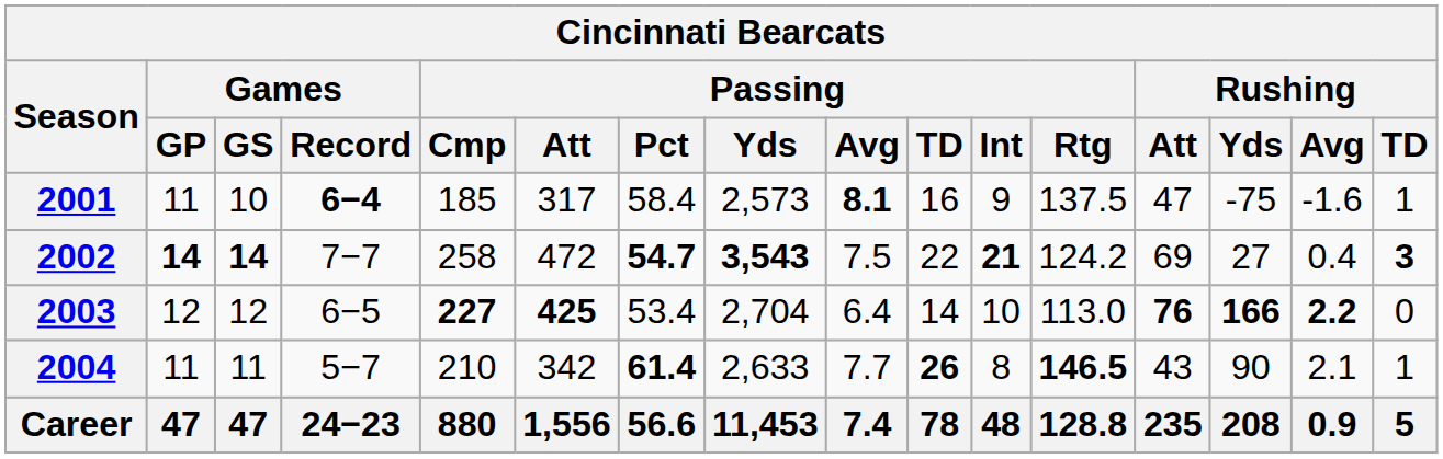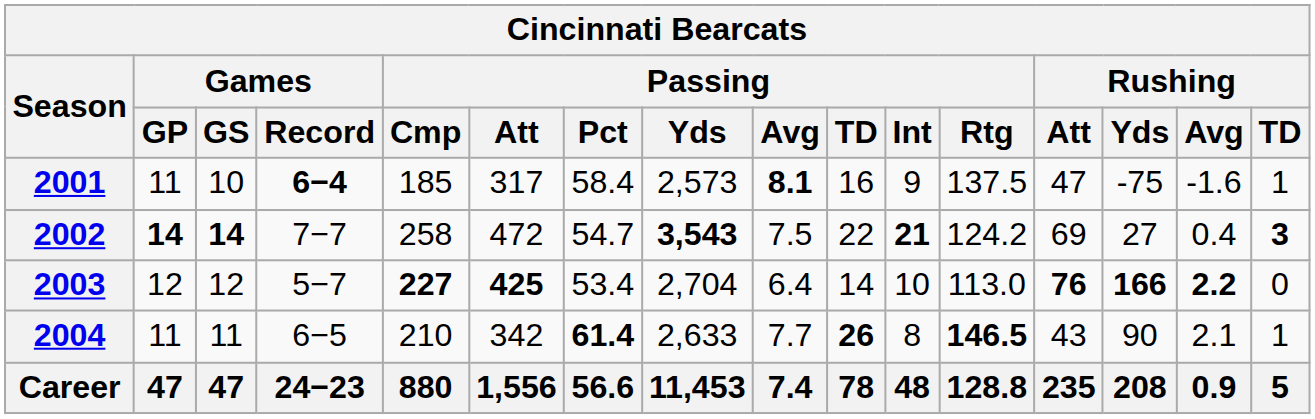 <table class="wikitable" style="text-align:center;">
 <tr>
 <th colspan="16">Cincinnati Bearcats</th>
 </tr>
 <tr>
 <th rowspan="2">Season</th>
 <th colspan="3">Games</th>
 <th colspan="8">Passing</th>
 <th colspan="5">Rushing</th>
 </tr>
 <tr>
 <th>GP</th>
 <th>GS</th>
 <th>Record</th>
 <th>Cmp</th>
 <th>Att</th>
 <th>Pct</th>
 <th>Yds</th>
 <th>Avg</th>
 <th>TD</th>
 <th>Int</th>
 <th>Rtg</th>
 <th>Att</th>
 <th>Yds</th>
 <th>Avg</th>
 <th>TD</th>
 </tr>
 <tr>
 <th><a href='#'>2001</a></th>
 <td>11</td>
 <td>10</td>
 <td><strong>6−4</strong></td>
 <td>185</td>
 <td>317</td>
 <td>58.4</td>
 <td>2,573</td>
 <td><strong>8.1</strong></td>
 <td>16</td>
 <td>9</td>
 <td>137.5</td>
 <td>47</td>
 <td>-75</td>
 <td>-1.6</td>
 <td>1</td>
 </tr>
 <tr>
 <th><a href='#'>2002</a></th>
 <td><strong>14</strong></td>
 <td><strong>14</strong></td>
 <td>7−7</td>
 <td>258</td>
 <td>472</td>
-<td><strong>54.7</strong></td>
+<td>54.7</td>
 <td><strong>3,543</strong></td>
 <td>7.5</td>
 <td>22</td>
 <td><strong>21</strong></td>
 <td>124.2</td>
 <td>69</td>
 <td>27</td>
 <td>0.4</td>
 <td><strong>3</strong></td>
 </tr>
 <tr>
 <th><a href='#'>2003</a></th>
 <td>12</td>
 <td>12</td>
-<td>6−5</td>
+<td>5−7</td>
 <td><strong>227</strong></td>
 <td><strong>425</strong></td>
 <td>53.4</td>
 <td>2,704</td>
 <td>6.4</td>
 <td>14</td>
 <td>10</td>
 <td>113.0</td>
 <td><strong>76</strong></td>
 <td><strong>166</strong></td>
 <td><strong>2.2</strong></td>
 <td>0</td>
 </tr>
 <tr>
 <th><a href='#'>2004</a></th>
 <td>11</td>
 <td>11</td>
-<td>5−7</td>
+<td>6−5</td>
 <td>210</td>
 <td>342</td>
 <td><strong>61.4</strong></td>
 <td>2,633</td>
 <td>7.7</td>
 <td><strong>26</strong></td>
 <td>8</td>
 <td><strong>146.5</strong></td>
 <td>43</td>
 <td>90</td>
 <td>2.1</td>
 <td>1</td>
 </tr>
 <tr>
 <th>Career</th>
 <th>47</th>
 <th>47</th>
 <th>24−23</th>
 <th>880</th>
 <th>1,556</th>
 <th>56.6</th>
 <th>11,453</th>
 <th>7.4</th>
 <th>78</th>
 <th>48</th>
 <th>128.8</th>
 <th>235</th>
 <th>208</th>
 <th>0.9</th>
 <th>5</th>
 </tr>
 </table>
